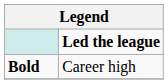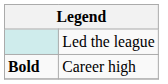 <table class="wikitable mw-collapsible">
 <tr>
 <th colspan="2">Legend</th>
 </tr>
 <tr>
 <td style="background:#cfecec; width:3em;"></td>
-<td><strong>Led the league</strong></td>
+<td>Led the league</td>
 </tr>
 <tr>
 <td><strong>Bold</strong></td>
 <td>Career high</td>
 </tr>
 <tr>
 </tr>
 </table>
